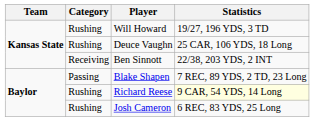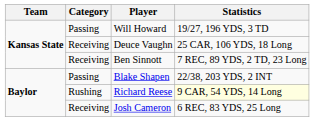 <table class="wikitable" style="float: right;">
 <tr>
 <th>Team</th>
 <th>Category</th>
 <th>Player</th>
 <th>Statistics</th>
 </tr>
 <tr>
 <td rowspan=3><strong>Kansas State</strong></td>
-<td>Rushing</td>
+<td>Passing</td>
 <td>Will Howard</td>
 <td>19/27, 196 YDS, 3 TD</td>
 </tr>
 <tr>
-<td>Rushing</td>
+<td>Receiving</td>
 <td>Deuce Vaughn</td>
 <td>25 CAR, 106 YDS, 18 Long</td>
 </tr>
 <tr>
 <td>Receiving</td>
 <td>Ben Sinnott</td>
-<td>22/38, 203 YDS, 2 INT</td>
+<td>7 REC, 89 YDS, 2 TD, 23 Long</td>
 </tr>
 <tr>
 <td rowspan=3><strong>Baylor</strong></td>
 <td>Passing</td>
 <td><a href='#'>Blake Shapen</a></td>
-<td>7 REC, 89 YDS, 2 TD, 23 Long</td>
+<td>22/38, 203 YDS, 2 INT</td>
 </tr>
 <tr>
 <td>Rushing</td>
 <td><a href='#'>Richard Reese</a></td>
 <td style="background: lightyellow;">9 CAR, 54 YDS, 14 Long</td>
 </tr>
 <tr>
-<td>Rushing</td>
+<td>Receiving</td>
 <td><a href='#'>Josh Cameron</a></td>
 <td>6 REC, 83 YDS, 25 Long</td>
 </tr>
 </table>
